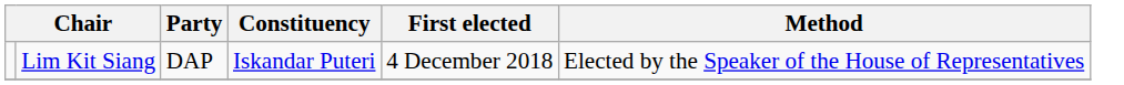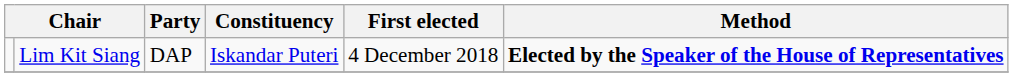 <table class="wikitable">
 <tr>
 <th colspan="2">Chair</th>
 <th>Party</th>
 <th>Constituency</th>
 <th>First elected</th>
 <th>Method</th>
 </tr>
 <tr>
 <td style="background-color: "></td>
 <td><a href='#'>Lim Kit Siang</a></td>
 <td>DAP</td>
 <td><a href='#'>Iskandar Puteri</a></td>
 <td>4 December 2018</td>
-<td>Elected by the <a href='#'>Speaker of the House of Representatives</a></td>
+<td><strong>Elected by the <a href='#'>Speaker of the House of Representatives</a></strong></td>
 </tr>
 <tr>
 </tr>
 </table>
